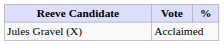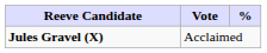 <table class="wikitable">
 <tr>
 <th style="background:#ddf; width:200px;">Reeve Candidate</th>
 <th style="background:#ddf; width:50px;">Vote</th>
 <th style="background:#ddf; width:30px;">%</th>
 </tr>
 <tr>
-<td>Jules Gravel (X)</td>
+<td><strong>Jules Gravel (X)</strong></td>
 <td colspan="2">Acclaimed</td>
 </tr>
 </table>
